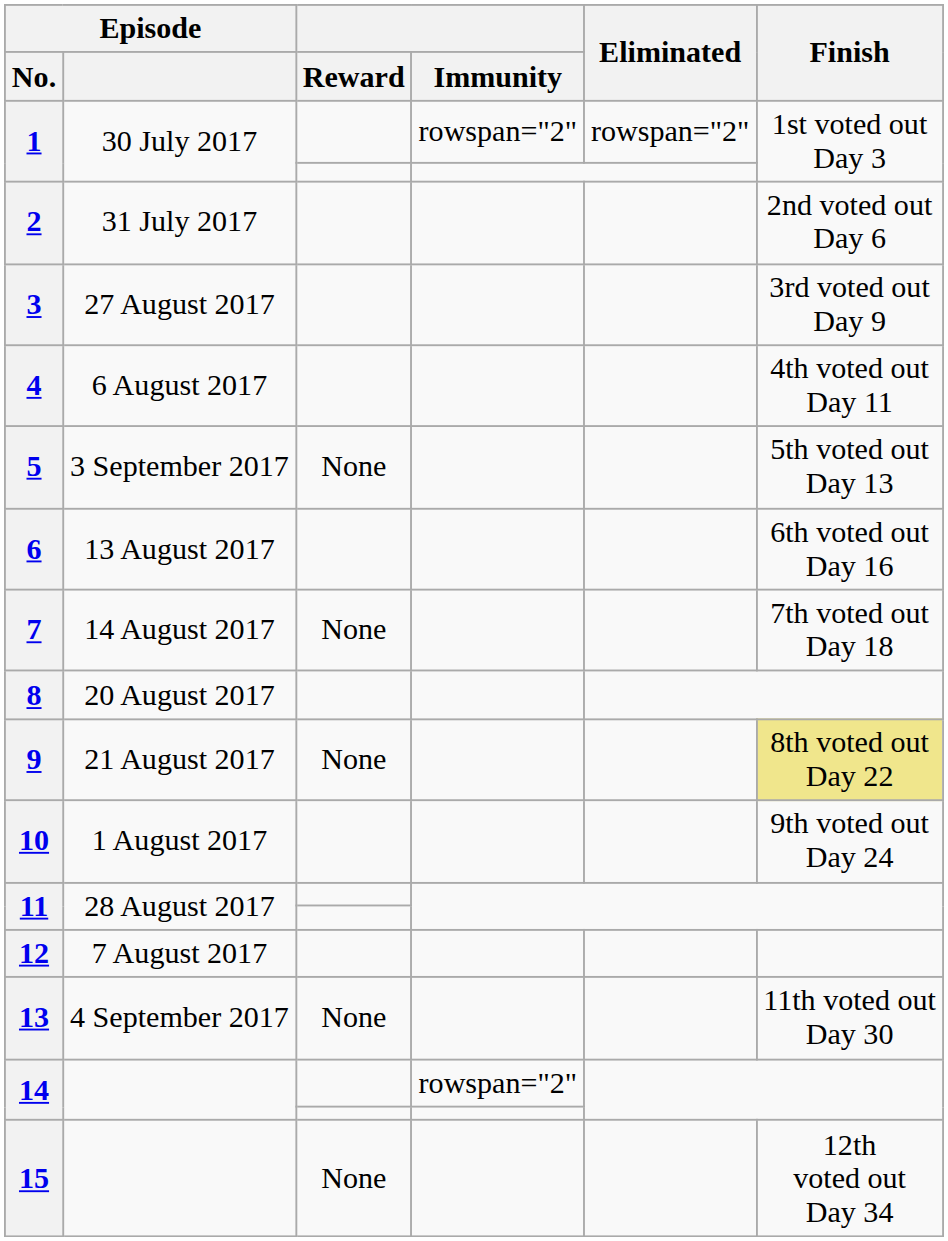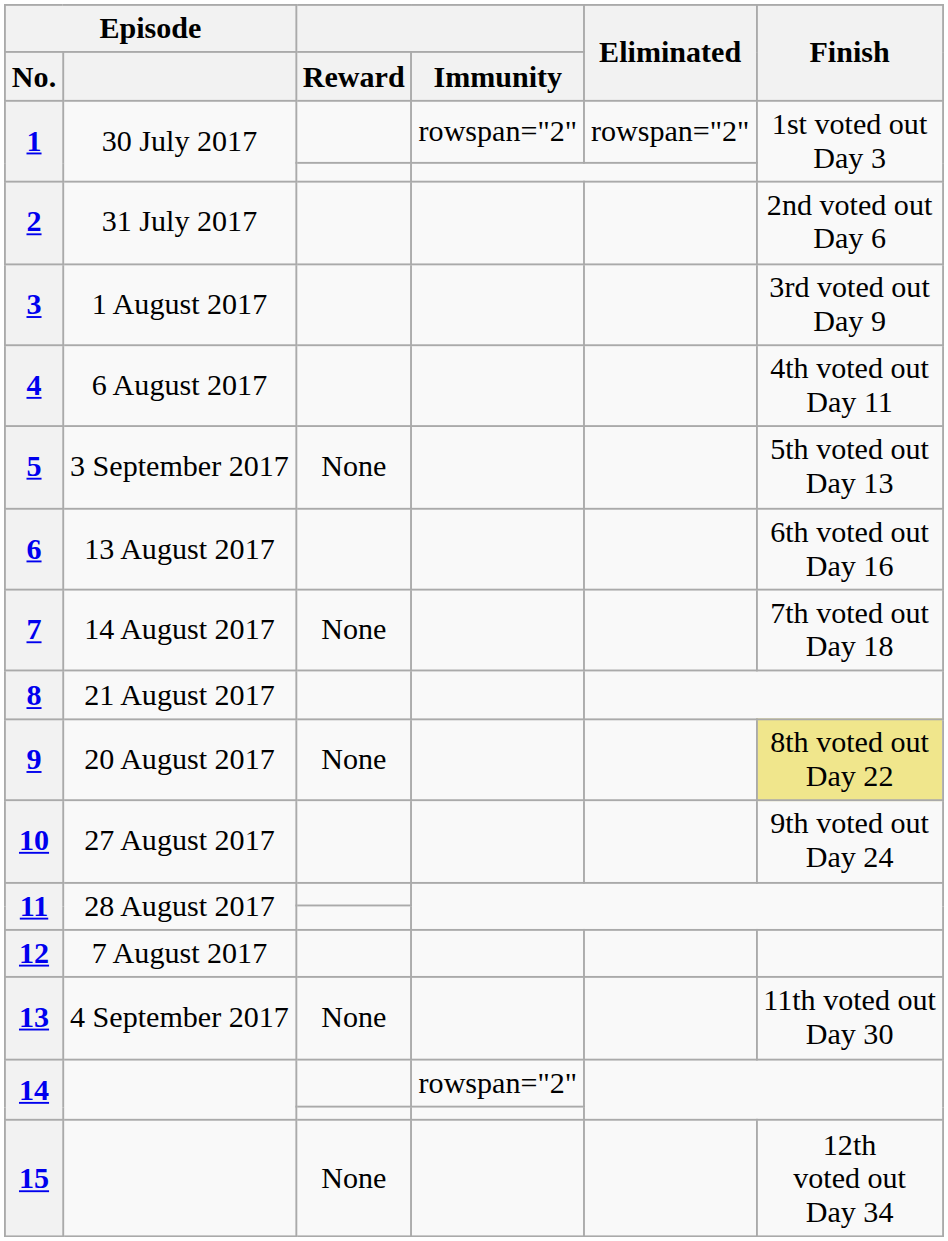 <table class="wikitable nowrap" style="text-align:center; font-size:100%">
 <tr>
 <th colspan="2"><strong>Episode</strong></th>
 <th colspan="2"><strong></strong></th>
 <th rowspan="2"><strong>Eliminated</strong></th>
 <th rowspan="2"><strong>Finish</strong></th>
 </tr>
 <tr>
 <th><strong>No.</strong></th>
 <th><strong></strong></th>
 <th><strong>Reward</strong></th>
 <th><strong>Immunity</strong></th>
 </tr>
 <tr>
 <th rowspan="2"><a href='#'>1</a></th>
 <td rowspan="2">30 July 2017</td>
 <td></td>
 <td>rowspan="2" </td>
 <td>rowspan="2" </td>
 <td rowspan="2">1st voted out<br>Day 3</td>
 </tr>
 <tr>
 <td> </td>
 </tr>
 <tr>
 <th><a href='#'>2</a></th>
 <td>31 July 2017</td>
 <td></td>
 <td></td>
 <td></td>
 <td>2nd voted out<br>Day 6</td>
 </tr>
 <tr>
 <th><a href='#'>3</a></th>
-<td>27 August 2017</td>
+<td>1 August 2017</td>
 <td></td>
 <td></td>
 <td></td>
 <td>3rd voted out<br>Day 9</td>
 </tr>
 <tr>
 <th><a href='#'>4</a></th>
 <td>6 August 2017</td>
 <td></td>
 <td></td>
 <td></td>
 <td>4th voted out<br>Day 11</td>
 </tr>
 <tr>
 <th><a href='#'>5</a></th>
 <td>3 September 2017</td>
 <td>None</td>
 <td></td>
 <td></td>
 <td>5th voted out<br>Day 13</td>
 </tr>
 <tr>
 <th><a href='#'>6</a></th>
 <td>13 August 2017</td>
 <td></td>
 <td></td>
 <td></td>
 <td>6th voted out<br>Day 16</td>
 </tr>
 <tr>
 <th><a href='#'>7</a></th>
 <td>14 August 2017</td>
 <td>None</td>
 <td></td>
 <td></td>
 <td>7th voted out<br>Day 18</td>
 </tr>
 <tr>
 <th><a href='#'>8</a></th>
-<td>20 August 2017</td>
+<td>21 August 2017</td>
 <td></td>
 <td></td>
 <td colspan="2"><small><em><br></em></small></td>
 </tr>
 <tr>
 <th><a href='#'>9</a></th>
-<td>21 August 2017</td>
+<td>20 August 2017</td>
 <td>None</td>
 <td></td>
 <td></td>
 <td style="background: khaki;">8th voted out<br>Day 22</td>
 </tr>
 <tr>
 <th><a href='#'>10</a></th>
-<td>1 August 2017</td>
+<td>27 August 2017</td>
 <td></td>
 <td></td>
 <td></td>
 <td>9th voted out<br>Day 24</td>
 </tr>
 <tr>
 <th rowspan="2"><a href='#'>11</a></th>
 <td rowspan="2">28 August 2017</td>
 <td></td>
 <td rowspan="2" colspan="3"><small><em></em></small></td>
 </tr>
 <tr>
 <td></td>
 </tr>
 <tr>
 <th><a href='#'>12</a></th>
 <td>7 August 2017</td>
 <td></td>
 <td></td>
 <td></td>
 <td></td>
 </tr>
 <tr>
 <th><a href='#'>13</a></th>
 <td>4 September 2017</td>
 <td>None</td>
 <td></td>
 <td></td>
 <td>11th voted out<br>Day 30</td>
 </tr>
 <tr>
 <th rowspan=2><a href='#'>14</a></th>
 <td rowspan=2></td>
 <td></td>
 <td>rowspan="2" </td>
 <td rowspan="2" colspan="2"><small><em></em></small></td>
 </tr>
 <tr>
 <td></td>
 </tr>
 <tr>
 <th><a href='#'>15</a></th>
 <td></td>
 <td>None</td>
 <td></td>
 <td></td>
 <td>12th<br>voted out<br>Day 34</td>
 </tr>
 </table>
